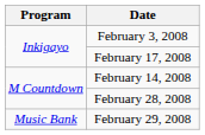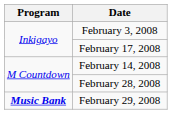 <table class="wikitable sortable" style="text-align:center">
 <tr>
 <th>Program</th>
 <th width="130">Date</th>
 </tr>
 <tr>
 <td rowspan="2"><em><a href='#'>Inkigayo</a></em></td>
 <td>February 3, 2008</td>
 </tr>
 <tr>
 <td>February 17, 2008</td>
 </tr>
 <tr>
 <td rowspan="2"><em><a href='#'>M Countdown</a></em></td>
 <td>February 14, 2008</td>
 </tr>
 <tr>
 <td>February 28, 2008</td>
 </tr>
 <tr>
-<td><em><a href='#'>Music Bank</a></em></td>
+<td><strong><em><a href='#'>Music Bank</a></em></strong></td>
 <td>February 29, 2008</td>
 </tr>
 </table>
